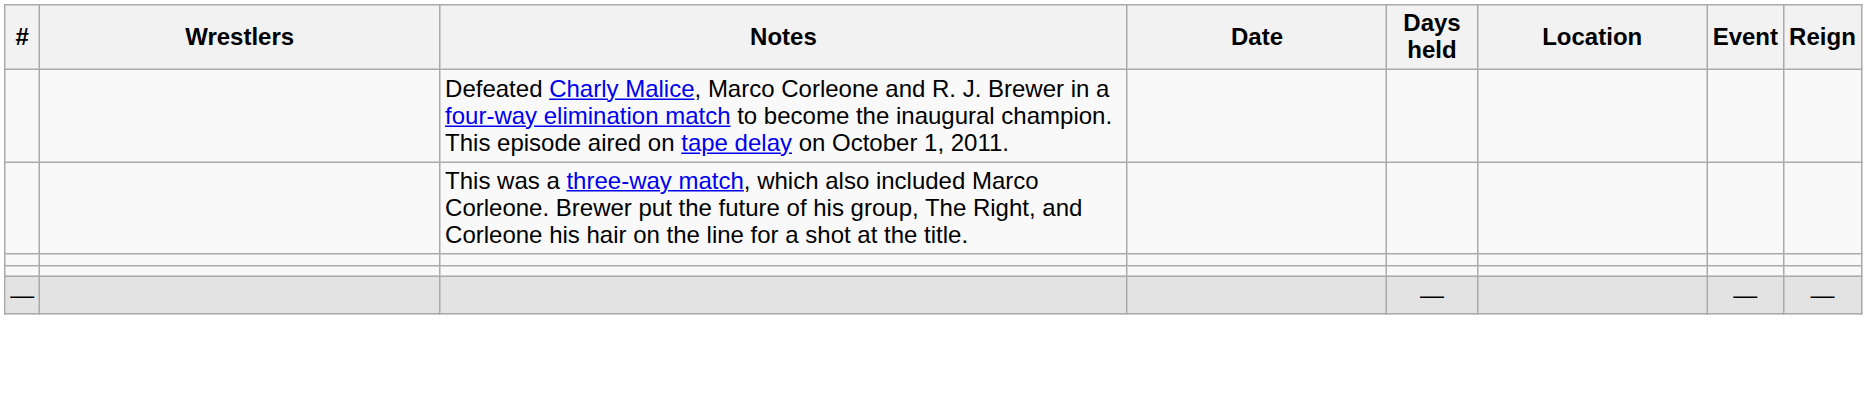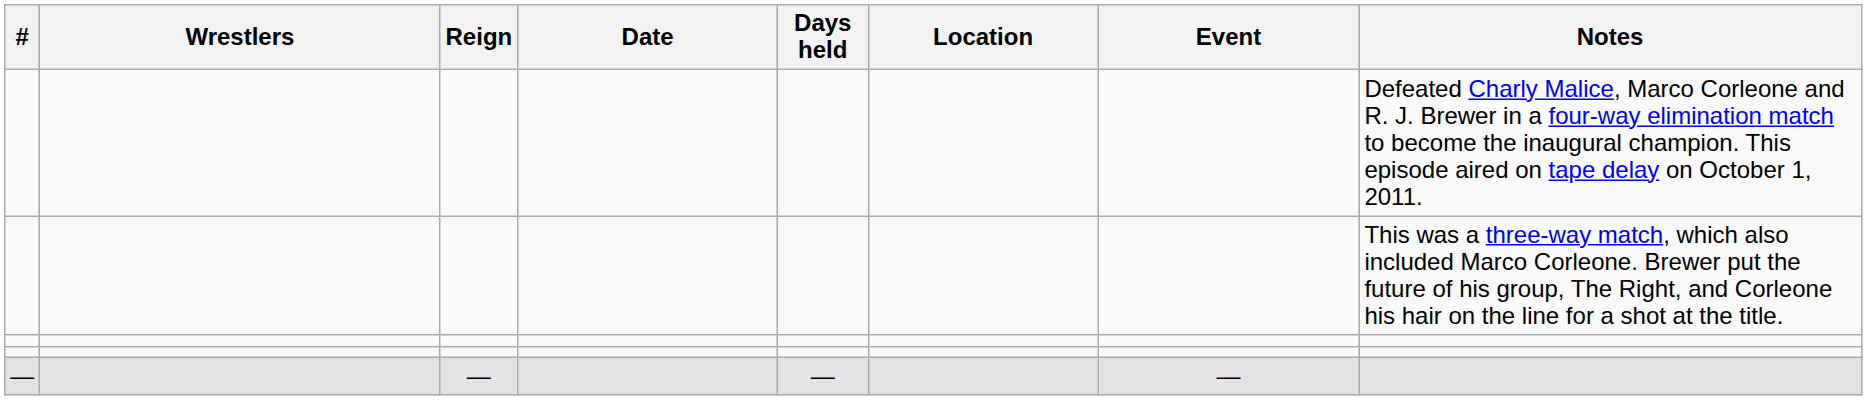 <table class="wikitable sortable" width=98% style="text-align:center;">
 <tr>
 <th width=0%>#</th>
 <th width=23%>Wrestlers</th>
-<th width=40% class="unsortable">Notes</th>
+<th width=0%>Reign</th>
 <th width=15%>Date</th>
 <th width=5%>Days<br>held</th>
 <th width=13%>Location</th>
 <th width=15%>Event</th>
-<th width=0%>Reign</th>
+<th width=40% class="unsortable">Notes</th>
 </tr>
 <tr>
-<td></td>
-<td></td>
-<td align=left>Defeated <a href='#'>Charly Malice</a>, Marco Corleone and R. J. Brewer in a <a href='#'>four-way elimination match</a> to become the inaugural champion. This episode aired on <a href='#'>tape delay</a> on October 1, 2011.</td>
 <td></td>
 <td></td>
 <td></td>
 <td></td>
 <td></td>
+<td></td>
+<td></td>
+<td align=left>Defeated <a href='#'>Charly Malice</a>, Marco Corleone and R. J. Brewer in a <a href='#'>four-way elimination match</a> to become the inaugural champion. This episode aired on <a href='#'>tape delay</a> on October 1, 2011.</td>
 </tr>
 <tr>
-<td></td>
-<td></td>
-<td align=left>This was a <a href='#'>three-way match</a>, which also included Marco Corleone. Brewer put the future of his group, The Right, and Corleone his hair on the line for a shot at the title.</td>
 <td></td>
 <td></td>
 <td></td>
 <td></td>
 <td></td>
+<td></td>
+<td></td>
+<td align=left>This was a <a href='#'>three-way match</a>, which also included Marco Corleone. Brewer put the future of his group, The Right, and Corleone his hair on the line for a shot at the title.</td>
 </tr>
 <tr>
-<td></td>
-<td></td>
-<td align=left></td>
 <td></td>
 <td></td>
 <td></td>
 <td></td>
 <td></td>
-</tr>
-<tr>
 <td></td>
 <td></td>
 <td align=left></td>
+</tr>
+<tr>
 <td></td>
 <td></td>
 <td></td>
 <td></td>
 <td></td>
+<td></td>
+<td></td>
+<td align=left></td>
 </tr>
 <tr style="background-color:#e3e3e3">
 <td>—</td>
 <td></td>
-<td></td>
+<td>—</td>
 <td></td>
 <td>—</td>
 <td></td>
 <td>—</td>
-<td>—</td>
+<td></td>
 </tr>
 </table>
